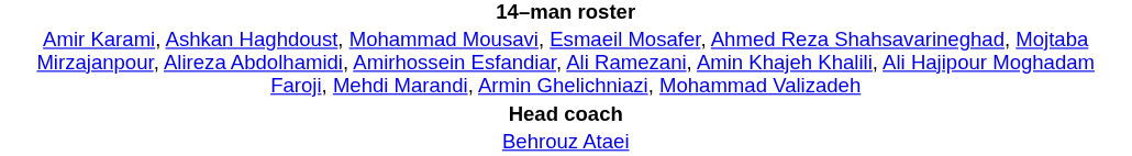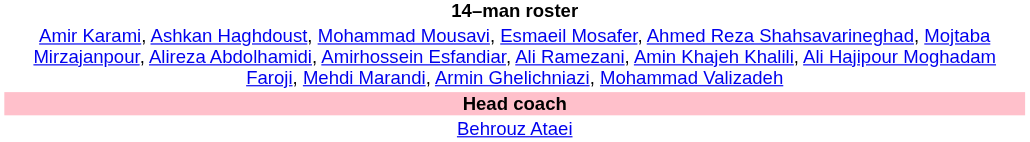 <table style="text-align:center; margin-top:2em; margin-left:auto; margin-right:auto">
 <tr>
 <td><strong>14–man roster</strong></td>
 </tr>
 <tr>
 <td><a href='#'>Amir Karami</a>, <a href='#'>Ashkan Haghdoust</a>, <a href='#'>Mohammad Mousavi</a>, <a href='#'>Esmaeil Mosafer</a>, <a href='#'>Ahmed Reza Shahsavarineghad</a>, <a href='#'>Mojtaba Mirzajanpour</a>, <a href='#'>Alireza Abdolhamidi</a>, <a href='#'>Amirhossein Esfandiar</a>, <a href='#'>Ali Ramezani</a>, <a href='#'>Amin Khajeh Khalili</a>, <a href='#'>Ali Hajipour Moghadam Faroji</a>, <a href='#'>Mehdi Marandi</a>, <a href='#'>Armin Ghelichniazi</a>, <a href='#'>Mohammad Valizadeh</a></td>
 </tr>
 <tr>
-<td><strong>Head coach</strong></td>
+<td style="background: pink;"><strong>Head coach</strong></td>
 </tr>
 <tr>
 <td><a href='#'>Behrouz Ataei</a></td>
 </tr>
 </table>
